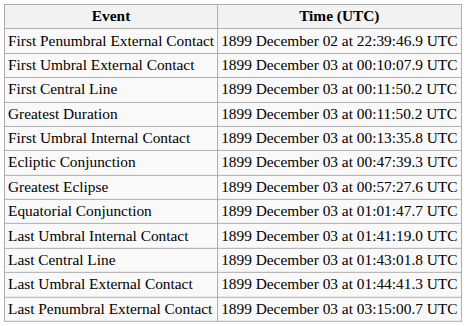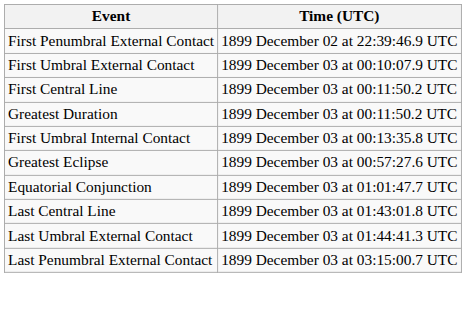 <table class="wikitable">
 <tr>
 <th>Event</th>
 <th>Time (UTC)</th>
 </tr>
 <tr>
 <td>First Penumbral External Contact</td>
 <td>1899 December 02 at 22:39:46.9 UTC</td>
 </tr>
 <tr>
 <td>First Umbral External Contact</td>
 <td>1899 December 03 at 00:10:07.9 UTC</td>
 </tr>
 <tr>
 <td>First Central Line</td>
 <td>1899 December 03 at 00:11:50.2 UTC</td>
 </tr>
 <tr>
 <td>Greatest Duration</td>
 <td>1899 December 03 at 00:11:50.2 UTC</td>
 </tr>
 <tr>
 <td>First Umbral Internal Contact</td>
 <td>1899 December 03 at 00:13:35.8 UTC</td>
 </tr>
 <tr>
-<td>Ecliptic Conjunction</td>
-<td>1899 December 03 at 00:47:39.3 UTC</td>
-</tr>
-<tr>
 <td>Greatest Eclipse</td>
 <td>1899 December 03 at 00:57:27.6 UTC</td>
 </tr>
 <tr>
 <td>Equatorial Conjunction</td>
 <td>1899 December 03 at 01:01:47.7 UTC</td>
-</tr>
-<tr>
-<td>Last Umbral Internal Contact</td>
-<td>1899 December 03 at 01:41:19.0 UTC</td>
 </tr>
 <tr>
 <td>Last Central Line</td>
 <td>1899 December 03 at 01:43:01.8 UTC</td>
 </tr>
 <tr>
 <td>Last Umbral External Contact</td>
 <td>1899 December 03 at 01:44:41.3 UTC</td>
 </tr>
 <tr>
 <td>Last Penumbral External Contact</td>
 <td>1899 December 03 at 03:15:00.7 UTC</td>
 </tr>
 </table>
